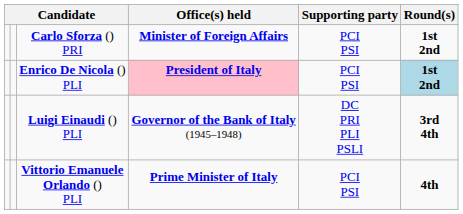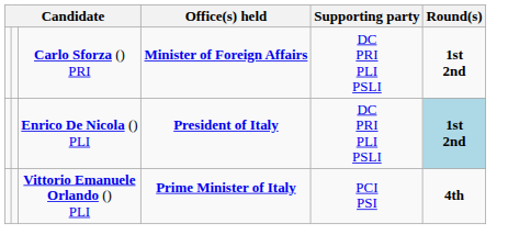 <table class="wikitable" style="text-align:center;">
 <tr>
 <th colspan="3" style="width:;">Candidate</th>
 <th>Office(s) held</th>
 <th>Supporting party</th>
 <th>Round(s)</th>
 </tr>
 <tr>
 <td style="background-color:"></td>
 <td></td>
 <td><strong><a href='#'>Carlo Sforza</a></strong> ()<br><a href='#'>PRI</a></td>
 <td><strong><a href='#'>Minister of Foreign Affairs</a></strong> <br><br></td>
-<td><a href='#'>PCI</a><br><a href='#'>PSI</a></td>
+<td><a href='#'>DC</a><br><a href='#'>PRI</a><br><a href='#'>PLI</a><br><a href='#'>PSLI</a></td>
 <td><strong>1st<br> 2nd</strong></td>
 </tr>
 <tr>
 <td style="background-color:"></td>
 <td></td>
 <td><strong><a href='#'>Enrico De Nicola</a></strong> ()<br><a href='#'>PLI</a></td>
-<td style="background: pink;"><strong><a href='#'>President of Italy</a></strong> <br><br></td>
-<td><a href='#'>PCI</a><br><a href='#'>PSI</a></td>
+<td><strong><a href='#'>President of Italy</a></strong> <br><br></td>
+<td><a href='#'>DC</a><br><a href='#'>PRI</a><br><a href='#'>PLI</a><br><a href='#'>PSLI</a></td>
 <td style="background: lightblue;"><strong>1st<br> 2nd</strong></td>
-</tr>
-<tr>
-<td style="background-color:"></td>
-<td></td>
-<td><strong><a href='#'>Luigi Einaudi</a></strong> ()<br><a href='#'>PLI</a></td>
-<td><strong><a href='#'>Governor of the Bank of Italy</a></strong><br><small>(1945–1948)</small><br></td>
-<td><a href='#'>DC</a><br><a href='#'>PRI</a><br><a href='#'>PLI</a><br><a href='#'>PSLI</a></td>
-<td><strong>3rd<br> 4th</strong></td>
 </tr>
 <tr>
 <td style="background-color:"></td>
 <td></td>
 <td><strong><a href='#'>Vittorio Emanuele<br>Orlando</a></strong> ()<br><a href='#'>PLI</a></td>
 <td><strong><a href='#'>Prime Minister of Italy</a></strong> <br><br></td>
 <td><a href='#'>PCI</a><br><a href='#'>PSI</a></td>
 <td><strong>4th</strong></td>
 </tr>
 </table>
